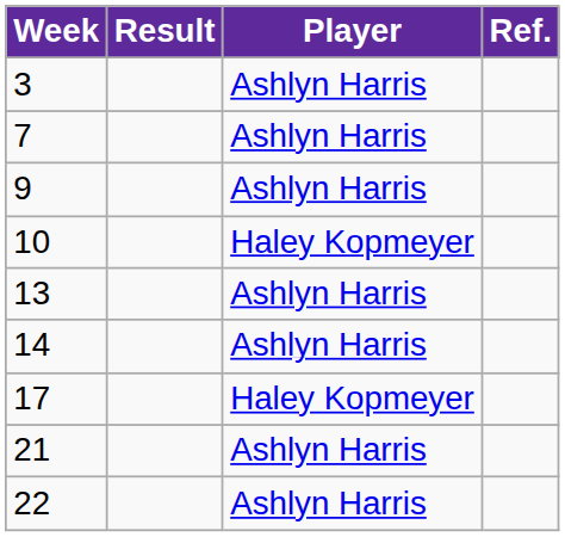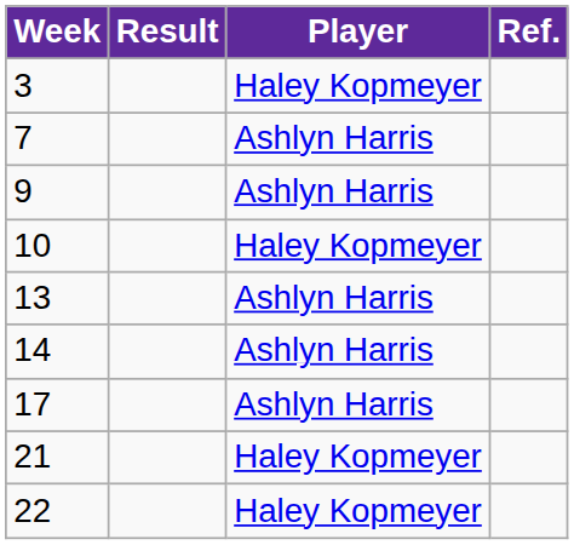 <table class="wikitable">
 <tr>
 <th style="background:#5E299A; color:white;">Week</th>
 <th style="background:#5E299A; color:white;">Result</th>
 <th style="background:#5E299A; color:white;">Player</th>
 <th style="background:#5E299A; color:white;">Ref.</th>
 </tr>
 <tr>
 <td>3</td>
 <td></td>
-<td> <a href='#'>Ashlyn Harris</a></td>
+<td> <a href='#'>Haley Kopmeyer</a></td>
 <td></td>
 </tr>
 <tr>
 <td>7</td>
 <td></td>
 <td> <a href='#'>Ashlyn Harris</a></td>
 <td></td>
 </tr>
 <tr>
 <td>9</td>
 <td></td>
 <td> <a href='#'>Ashlyn Harris</a></td>
 <td></td>
 </tr>
 <tr>
 <td>10</td>
 <td></td>
 <td> <a href='#'>Haley Kopmeyer</a></td>
 <td></td>
 </tr>
 <tr>
 <td>13</td>
 <td></td>
 <td> <a href='#'>Ashlyn Harris</a></td>
 <td></td>
 </tr>
 <tr>
 <td>14</td>
 <td></td>
 <td> <a href='#'>Ashlyn Harris</a></td>
 <td></td>
 </tr>
 <tr>
 <td>17</td>
 <td></td>
-<td> <a href='#'>Haley Kopmeyer</a></td>
+<td> <a href='#'>Ashlyn Harris</a></td>
 <td></td>
 </tr>
 <tr>
 <td>21</td>
 <td></td>
-<td> <a href='#'>Ashlyn Harris</a></td>
+<td> <a href='#'>Haley Kopmeyer</a></td>
 <td></td>
 </tr>
 <tr>
 <td>22</td>
 <td></td>
-<td> <a href='#'>Ashlyn Harris</a></td>
+<td> <a href='#'>Haley Kopmeyer</a></td>
 <td></td>
 </tr>
 </table>
